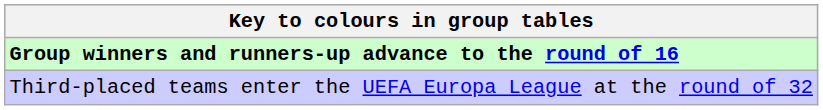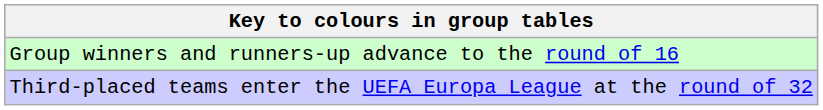 <table class="wikitable">
 <tr>
 <th>Key to colours in group tables</th>
 </tr>
 <tr bgcolor="#ccffcc">
-<td><strong>Group winners and runners-up advance to the <a href='#'>round of 16</a></strong></td>
+<td>Group winners and runners-up advance to the <a href='#'>round of 16</a></td>
 </tr>
 <tr bgcolor="#ccccff">
 <td>Third-placed teams enter the <a href='#'>UEFA Europa League</a> at the <a href='#'>round of 32</a></td>
 </tr>
 </table>
